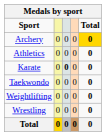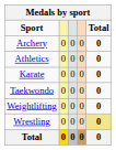 <table class="wikitable" style="font-size:85%">
 <tr style="background:#efefef;">
 <th colspan=7><strong>Medals by sport</strong></th>
 </tr>
 <tr align=center>
 <td><strong>Sport</strong></td>
 <td bgcolor=#f7f6a8></td>
 <td bgcolor=#dce5e5></td>
 <td bgcolor=#ffdab9></td>
 <td><strong>Total</strong></td>
 </tr>
 <tr align=center>
 <td><a href='#'>Archery</a></td>
 <td style="background:#F7F6A8;">0</td>
 <td style="background:#DCE5E5;">0</td>
 <td style="background:#FFDAB9;">0</td>
-<td style="background: gold;"><strong>0</strong></td>
+<td><strong>0</strong></td>
 </tr>
 <tr align=center>
 <td><a href='#'>Athletics</a></td>
 <td style="background:#F7F6A8;">0</td>
 <td style="background:#DCE5E5;">0</td>
 <td style="background:#FFDAB9;">0</td>
 <td><strong>0</strong></td>
 </tr>
 <tr align=center>
 <td><a href='#'>Karate</a></td>
 <td style="background:#F7F6A8;">0</td>
-<td style="background:#DCE5E5;"><strong>0</strong></td>
+<td style="background:#DCE5E5;">0</td>
 <td style="background:#FFDAB9;">0</td>
 <td><strong>0</strong></td>
 </tr>
 <tr align=center>
 <td><a href='#'>Taekwondo</a></td>
 <td style="background:#F7F6A8;">0</td>
 <td style="background:#DCE5E5;">0</td>
 <td style="background:#FFDAB9;">0</td>
 <td><strong>0</strong></td>
 </tr>
 <tr align=center>
 <td><a href='#'>Weightlifting</a></td>
 <td style="background:#F7F6A8;">0</td>
 <td style="background:#DCE5E5;">0</td>
 <td style="background:#FFDAB9;">0</td>
 <td><strong>0</strong></td>
 </tr>
 <tr align=center>
 <td><a href='#'>Wrestling</a></td>
 <td style="background:#F7F6A8;">0</td>
 <td style="background:#DCE5E5;">0</td>
 <td style="background:#FFDAB9;">0</td>
-<td><strong>0</strong></td>
+<td style="background: khaki;"><strong>0</strong></td>
 </tr>
 <tr align=center>
 <th><strong>Total</strong></th>
 <th style="background:gold;"><strong>0</strong></th>
 <th style="background:silver;"><strong>0</strong></th>
 <th style="background:#c96;"><strong>0</strong></th>
 <th><strong>0</strong></th>
 </tr>
 </table>
